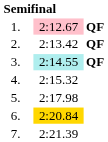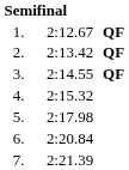 <table style="text-align:center">
 <tr>
 <td colspan=4 align=left><strong>Semifinal</strong></td>
 </tr>
 <tr>
 <td width=30>1.</td>
 <td align=left></td>
-<td width=60 style="background: pink;">2:12.67</td>
+<td width=60>2:12.67</td>
 <td><strong>QF</strong></td>
 </tr>
 <tr>
 <td>2.</td>
 <td align=left></td>
 <td>2:13.42</td>
 <td><strong>QF</strong></td>
 </tr>
 <tr>
 <td>3.</td>
 <td align=left></td>
-<td style="background: paleturquoise;">2:14.55</td>
+<td>2:14.55</td>
 <td><strong>QF</strong></td>
 </tr>
 <tr>
 <td>4.</td>
 <td align=left></td>
 <td>2:15.32</td>
 <td></td>
 </tr>
 <tr>
 <td>5.</td>
 <td align=left></td>
 <td>2:17.98</td>
 <td></td>
 </tr>
 <tr>
 <td>6.</td>
 <td align=left></td>
-<td style="background: gold;">2:20.84</td>
+<td>2:20.84</td>
 <td></td>
 </tr>
 <tr>
 <td>7.</td>
 <td align=left></td>
 <td>2:21.39</td>
 <td></td>
 </tr>
 </table>
